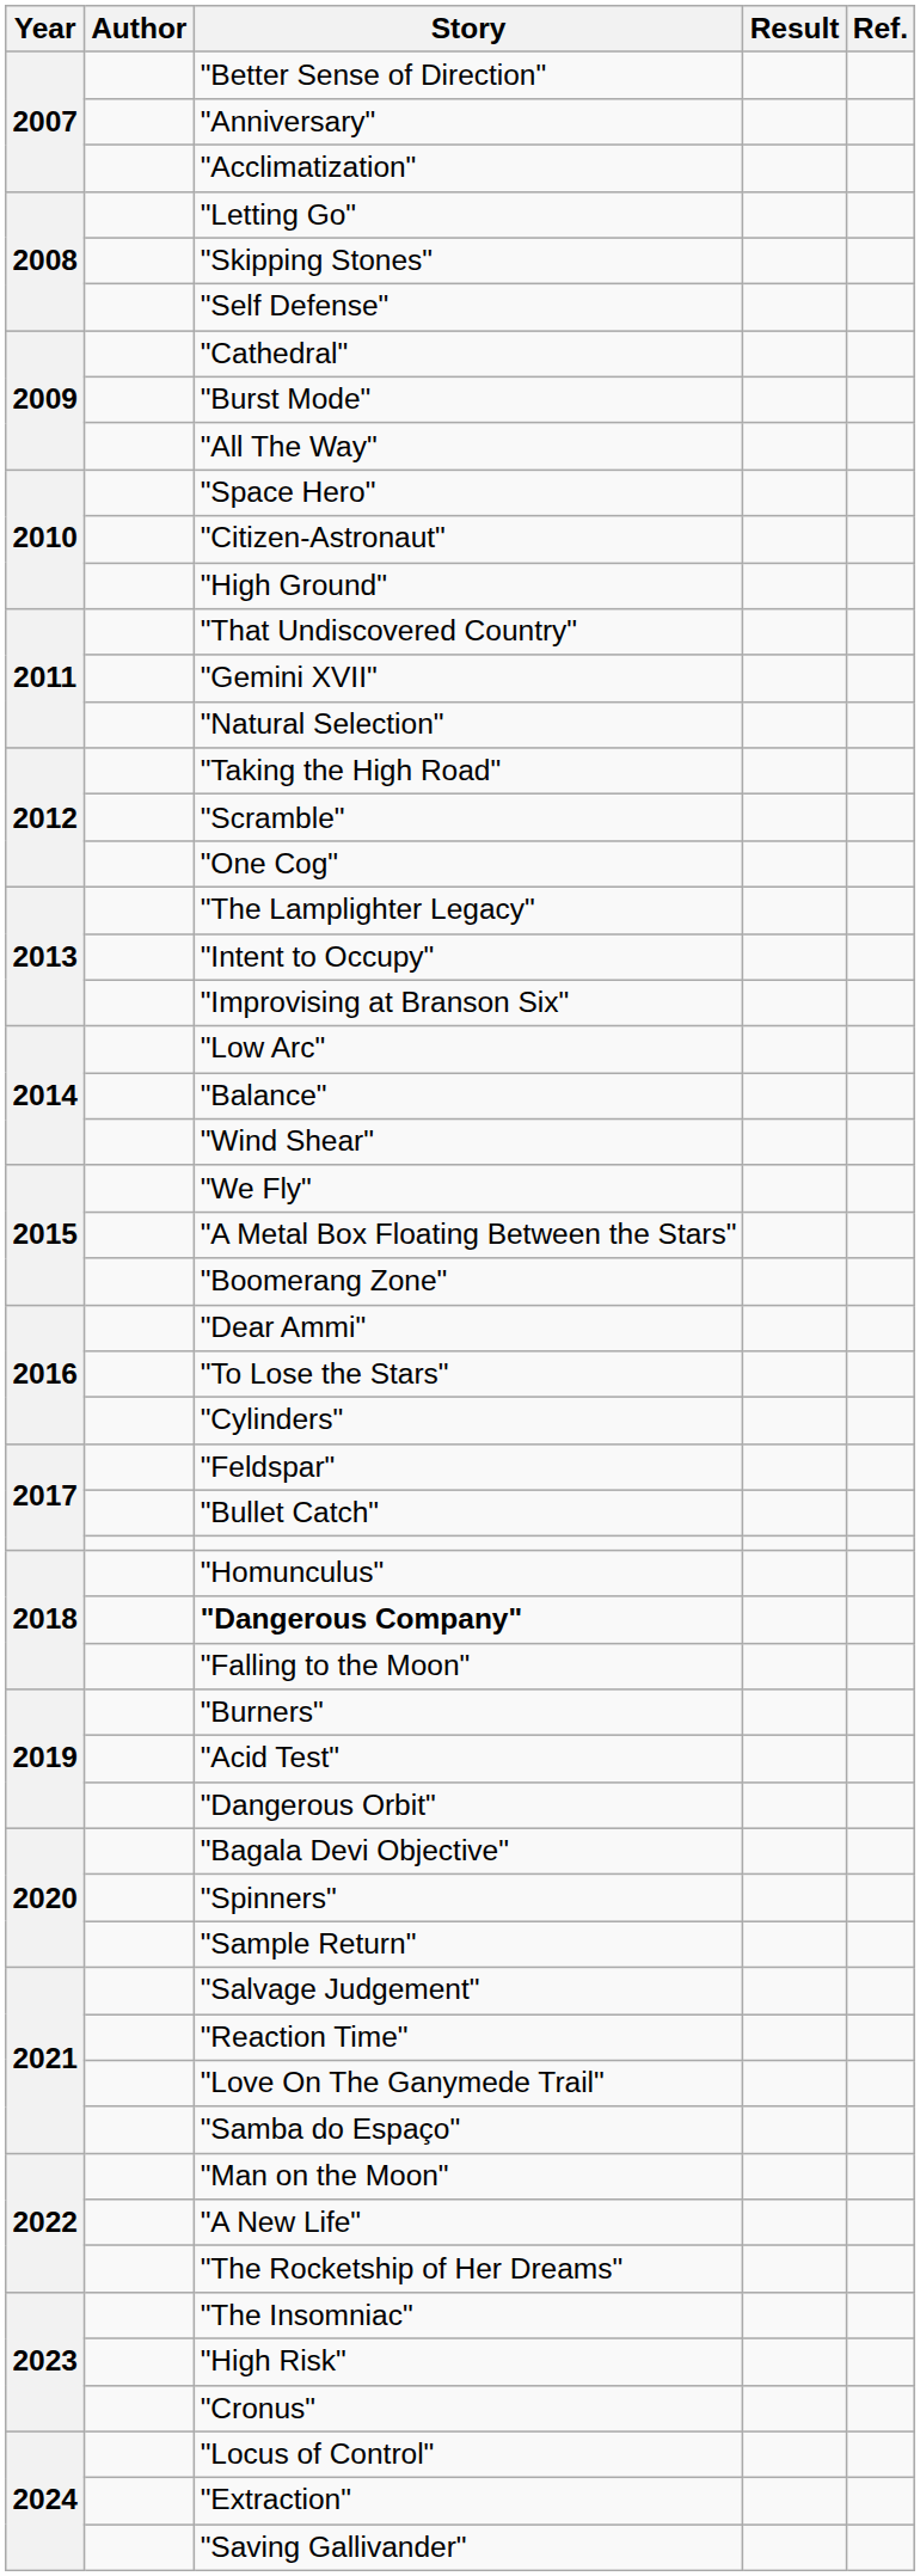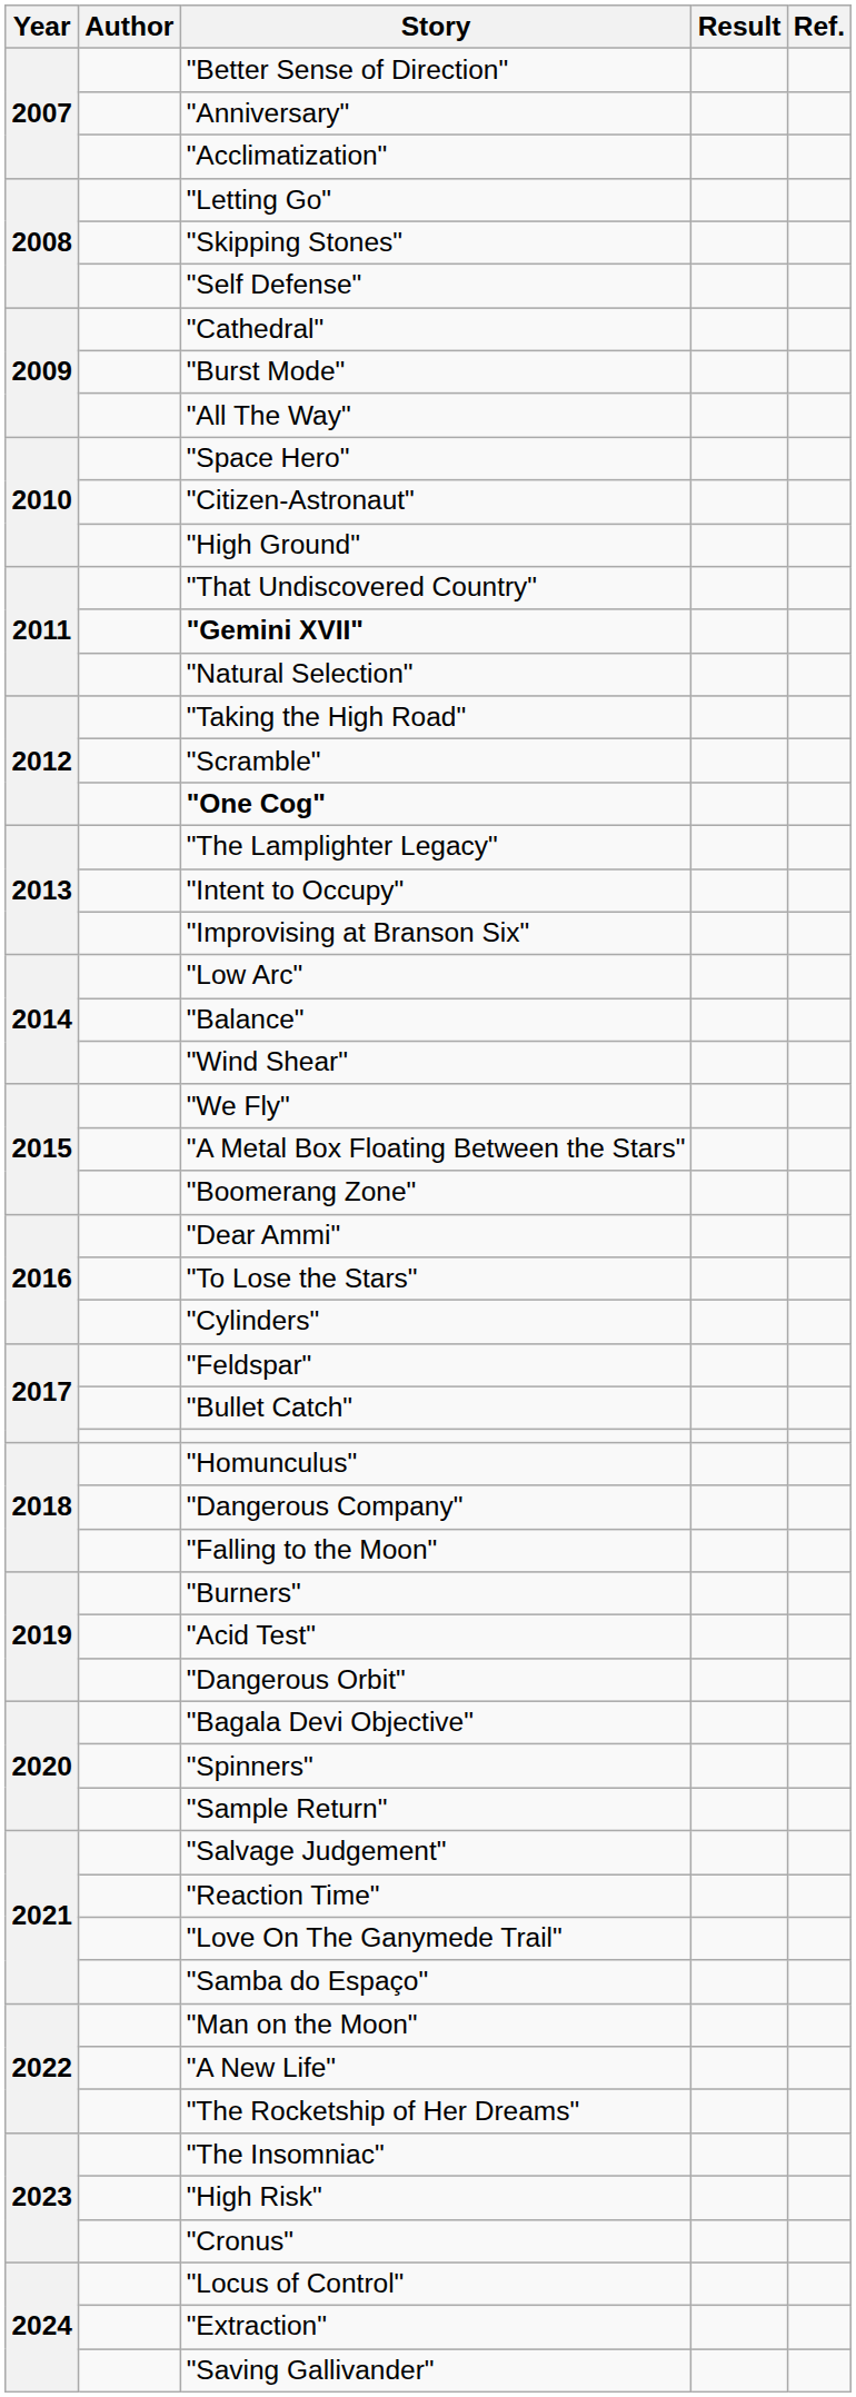 <table class="wikitable sortable">
 <tr>
 <th scope="col">Year</th>
 <th scope="col">Author</th>
 <th scope="col">Story</th>
 <th scope="col">Result</th>
 <th scope="col">Ref.</th>
 </tr>
 <tr>
 <th rowspan="3">2007</th>
 <td></td>
 <td>"Better Sense of Direction"</td>
 <td></td>
 <td></td>
 </tr>
 <tr>
 <td></td>
 <td>"Anniversary"</td>
 <td></td>
 <td></td>
 </tr>
 <tr>
 <td></td>
 <td>"Acclimatization"</td>
 <td></td>
 <td></td>
 </tr>
 <tr>
 <th rowspan="3">2008</th>
 <td></td>
 <td>"Letting Go"</td>
 <td></td>
 <td></td>
 </tr>
 <tr>
 <td></td>
 <td>"Skipping Stones"</td>
 <td></td>
 <td></td>
 </tr>
 <tr>
 <td></td>
 <td>"Self Defense"</td>
 <td></td>
 <td></td>
 </tr>
 <tr>
 <th rowspan="3">2009</th>
 <td></td>
 <td>"Cathedral"</td>
 <td></td>
 <td></td>
 </tr>
 <tr>
 <td></td>
 <td>"Burst Mode"</td>
 <td></td>
 <td></td>
 </tr>
 <tr>
 <td></td>
 <td>"All The Way"</td>
 <td></td>
 <td></td>
 </tr>
 <tr>
 <th rowspan="3">2010</th>
 <td></td>
 <td>"Space Hero"</td>
 <td></td>
 <td></td>
 </tr>
 <tr>
 <td></td>
 <td>"Citizen-Astronaut"</td>
 <td></td>
 <td></td>
 </tr>
 <tr>
 <td></td>
 <td>"High Ground"</td>
 <td></td>
 <td></td>
 </tr>
 <tr>
 <th rowspan="3">2011</th>
 <td></td>
 <td>"That Undiscovered Country"</td>
 <td></td>
 <td></td>
 </tr>
 <tr>
 <td></td>
-<td>"Gemini XVII"</td>
+<td><strong>"Gemini XVII"</strong></td>
 <td></td>
 <td></td>
 </tr>
 <tr>
 <td></td>
 <td>"Natural Selection"</td>
 <td></td>
 <td></td>
 </tr>
 <tr>
 <th rowspan="3">2012</th>
 <td></td>
 <td>"Taking the High Road"</td>
 <td></td>
 <td></td>
 </tr>
 <tr>
 <td></td>
 <td>"Scramble"</td>
 <td></td>
 <td></td>
 </tr>
 <tr>
 <td></td>
-<td>"One Cog"</td>
+<td><strong>"One Cog"</strong></td>
 <td></td>
 <td></td>
 </tr>
 <tr>
 <th rowspan="3">2013</th>
 <td></td>
 <td>"The Lamplighter Legacy"</td>
 <td></td>
 <td></td>
 </tr>
 <tr>
 <td></td>
 <td>"Intent to Occupy"</td>
 <td></td>
 <td></td>
 </tr>
 <tr>
 <td></td>
 <td>"Improvising at Branson Six"</td>
 <td></td>
 <td></td>
 </tr>
 <tr>
 <th rowspan="3">2014</th>
 <td></td>
 <td>"Low Arc"</td>
 <td></td>
 <td></td>
 </tr>
 <tr>
 <td></td>
 <td>"Balance"</td>
 <td></td>
 <td></td>
 </tr>
 <tr>
 <td></td>
 <td>"Wind Shear"</td>
 <td></td>
 <td></td>
 </tr>
 <tr>
 <th rowspan="3">2015</th>
 <td></td>
 <td>"We Fly"</td>
 <td></td>
 <td></td>
 </tr>
 <tr>
 <td></td>
 <td>"A Metal Box Floating Between the Stars"</td>
 <td></td>
 <td></td>
 </tr>
 <tr>
 <td></td>
 <td>"Boomerang Zone"</td>
 <td></td>
 <td></td>
 </tr>
 <tr>
 <th rowspan="3">2016</th>
 <td></td>
 <td>"Dear Ammi"</td>
 <td></td>
 <td></td>
 </tr>
 <tr>
 <td></td>
 <td>"To Lose the Stars"</td>
 <td></td>
 <td></td>
 </tr>
 <tr>
 <td></td>
 <td>"Cylinders"</td>
 <td></td>
 <td></td>
 </tr>
 <tr>
 <th rowspan="3">2017</th>
 <td></td>
 <td>"Feldspar"</td>
 <td></td>
 <td></td>
 </tr>
 <tr>
 <td></td>
 <td>"Bullet Catch"</td>
 <td></td>
 <td></td>
 </tr>
 <tr>
 <td></td>
 <td></td>
 <td></td>
 <td></td>
 </tr>
 <tr>
 <th rowspan="3">2018</th>
 <td></td>
 <td>"Homunculus"</td>
 <td></td>
 <td></td>
 </tr>
 <tr>
 <td></td>
-<td><strong>"Dangerous Company"</strong></td>
+<td>"Dangerous Company"</td>
 <td></td>
 <td></td>
 </tr>
 <tr>
 <td></td>
 <td>"Falling to the Moon"</td>
 <td></td>
 <td></td>
 </tr>
 <tr>
 <th rowspan="3">2019</th>
 <td></td>
 <td>"Burners"</td>
 <td></td>
 <td></td>
 </tr>
 <tr>
 <td></td>
 <td>"Acid Test"</td>
 <td></td>
 <td></td>
 </tr>
 <tr>
 <td></td>
 <td>"Dangerous Orbit"</td>
 <td></td>
 <td></td>
 </tr>
 <tr>
 <th rowspan="3">2020</th>
 <td></td>
 <td>"Bagala Devi Objective"</td>
 <td></td>
 <td></td>
 </tr>
 <tr>
 <td></td>
 <td>"Spinners"</td>
 <td></td>
 <td></td>
 </tr>
 <tr>
 <td></td>
 <td>"Sample Return"</td>
 <td></td>
 <td></td>
 </tr>
 <tr>
 <th rowspan="4">2021</th>
 <td></td>
 <td>"Salvage Judgement"</td>
 <td></td>
 <td></td>
 </tr>
 <tr>
 <td></td>
 <td>"Reaction Time"</td>
 <td></td>
 <td></td>
 </tr>
 <tr>
 <td></td>
 <td>"Love On The Ganymede Trail"</td>
 <td></td>
 <td></td>
 </tr>
 <tr>
 <td></td>
 <td>"Samba do Espaço"</td>
 <td></td>
 <td></td>
 </tr>
 <tr>
 <th rowspan="3">2022</th>
 <td></td>
 <td>"Man on the Moon"</td>
 <td></td>
 <td></td>
 </tr>
 <tr>
 <td></td>
 <td>"A New Life"</td>
 <td></td>
 <td></td>
 </tr>
 <tr>
 <td></td>
 <td>"The Rocketship of Her Dreams"</td>
 <td></td>
 <td></td>
 </tr>
 <tr>
 <th rowspan="3">2023</th>
 <td></td>
 <td>"The Insomniac"</td>
 <td></td>
 <td></td>
 </tr>
 <tr>
 <td></td>
 <td>"High Risk"</td>
 <td></td>
 <td></td>
 </tr>
 <tr>
 <td></td>
 <td>"Cronus"</td>
 <td></td>
 <td></td>
 </tr>
 <tr>
 <th rowspan="3">2024</th>
 <td></td>
 <td>"Locus of Control"</td>
 <td></td>
 <td></td>
 </tr>
 <tr>
 <td></td>
 <td>"Extraction"</td>
 <td></td>
 <td></td>
 </tr>
 <tr>
 <td></td>
 <td>"Saving Gallivander"</td>
 <td></td>
 <td></td>
 </tr>
 </table>
